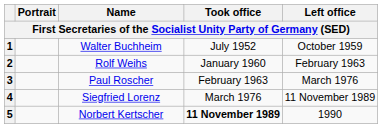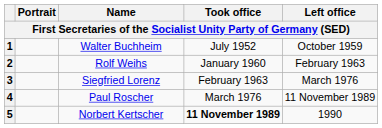 <table class="wikitable" style="text-align:center">
 <tr>
 <th></th>
 <th>Portrait</th>
 <th width=180>Name<br></th>
 <th>Took office</th>
 <th>Left office</th>
 </tr>
 <tr>
 <th colspan=5>First Secretaries of the <a href='#'>Socialist Unity Party of Germany</a> (SED)</th>
 </tr>
 <tr>
 <th style="background:">1</th>
 <td></td>
 <td><a href='#'>Walter Buchheim</a><br></td>
 <td>July 1952</td>
 <td>October 1959<br></td>
 </tr>
 <tr>
 <th style="background:">2</th>
 <td></td>
 <td><a href='#'>Rolf Weihs</a><br></td>
 <td>January 1960</td>
 <td>February 1963<br></td>
 </tr>
 <tr>
 <th style="background:">3</th>
 <td></td>
-<td><a href='#'>Paul Roscher</a><br></td>
+<td><a href='#'>Siegfried Lorenz</a><br></td>
 <td>February 1963</td>
 <td>March 1976</td>
 </tr>
 <tr>
 <th style="background:">4</th>
 <td></td>
-<td><a href='#'>Siegfried Lorenz</a><br></td>
+<td><a href='#'>Paul Roscher</a><br></td>
 <td>March 1976</td>
 <td>11 November 1989<br></td>
 </tr>
 <tr>
 <th style="background:">5</th>
 <td></td>
 <td><a href='#'>Norbert Kertscher</a><br></td>
 <td><strong>11 November 1989</strong></td>
 <td>1990</td>
 </tr>
 </table>
